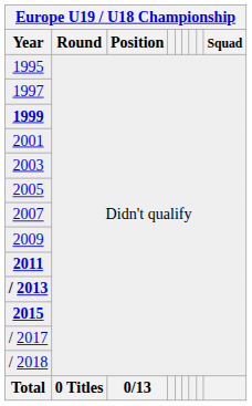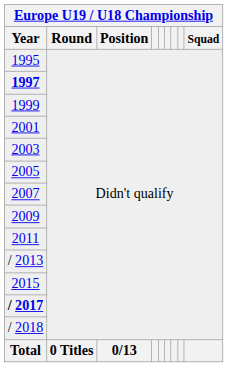 <table class="wikitable" style="text-align: center;">
 <tr>
 <th colspan=9><a href='#'>Europe U19 / U18 Championship</a></th>
 </tr>
 <tr>
 <th>Year</th>
 <th>Round</th>
 <th>Position</th>
 <th></th>
 <th></th>
 <th></th>
 <th></th>
 <th></th>
 <th><small>Squad</small></th>
 </tr>
 <tr bgcolor="efefef">
 <td> <a href='#'>1995</a></td>
 <td colspan=9 rowspan=13>Didn't qualify</td>
 </tr>
 <tr bgcolor="efefef">
-<td> <a href='#'>1997</a></td>
+<td><strong> <a href='#'>1997</a></strong></td>
 </tr>
 <tr bgcolor="efefef">
-<td><strong> <a href='#'>1999</a></strong></td>
+<td> <a href='#'>1999</a></td>
 </tr>
 <tr bgcolor="efefef">
 <td> <a href='#'>2001</a></td>
 </tr>
 <tr bgcolor="efefef">
 <td> <a href='#'>2003</a></td>
 </tr>
 <tr bgcolor="efefef">
 <td> <a href='#'>2005</a></td>
 </tr>
 <tr bgcolor="efefef">
 <td> <a href='#'>2007</a></td>
 </tr>
 <tr bgcolor="efefef">
 <td> <a href='#'>2009</a></td>
 </tr>
 <tr bgcolor="efefef">
-<td><strong> <a href='#'>2011</a></strong></td>
+<td> <a href='#'>2011</a></td>
 </tr>
 <tr bgcolor="efefef">
-<td><strong>/ <a href='#'>2013</a></strong></td>
+<td>/ <a href='#'>2013</a></td>
 </tr>
 <tr bgcolor="efefef">
-<td><strong> <a href='#'>2015</a></strong></td>
+<td> <a href='#'>2015</a></td>
 </tr>
 <tr bgcolor="efefef">
-<td>/ <a href='#'>2017</a></td>
+<td><strong>/ <a href='#'>2017</a></strong></td>
 </tr>
 <tr bgcolor="efefef">
 <td>/ <a href='#'>2018</a></td>
 </tr>
 <tr>
 <th>Total</th>
 <th>0 Titles</th>
 <th>0/13</th>
 <th></th>
 <th></th>
 <th></th>
 <th></th>
 <th></th>
 <th></th>
 </tr>
 </table>
